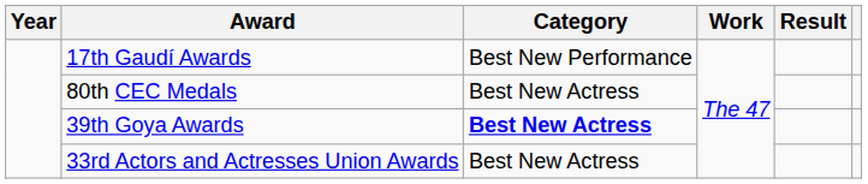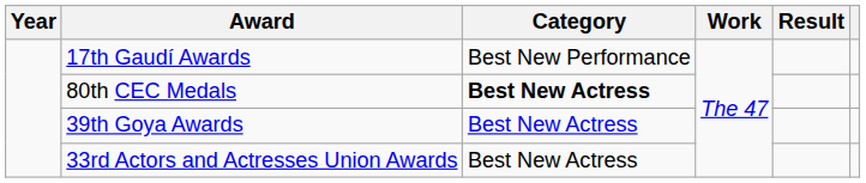 <table class="wikitable sortable plainrowheaders">
 <tr>
 <th>Year</th>
 <th>Award</th>
 <th>Category</th>
 <th>Work</th>
 <th>Result</th>
 <th scope="col" class="unsortable"></th>
 </tr>
 <tr>
 <td rowspan = "4"></td>
 <td><a href='#'>17th Gaudí Awards</a></td>
 <td>Best New Performance</td>
 <td rowspan = "4"><em><a href='#'>The 47</a></em></td>
 <td></td>
 <td></td>
 </tr>
 <tr>
 <td>80th <a href='#'>CEC Medals</a></td>
-<td>Best New Actress</td>
+<td><strong>Best New Actress</strong></td>
 <td></td>
 <td></td>
 </tr>
 <tr>
 <td><a href='#'>39th Goya Awards</a></td>
-<td><strong><a href='#'>Best New Actress</a></strong></td>
+<td><a href='#'>Best New Actress</a></td>
 <td></td>
 <td></td>
 </tr>
 <tr>
 <td><a href='#'>33rd Actors and Actresses Union Awards</a></td>
 <td>Best New Actress</td>
 <td></td>
 <td></td>
 </tr>
 </table>
